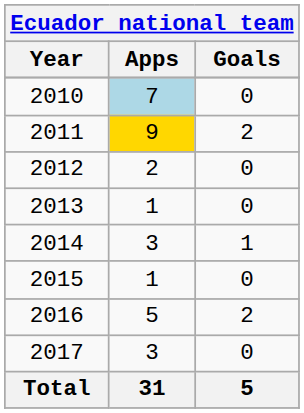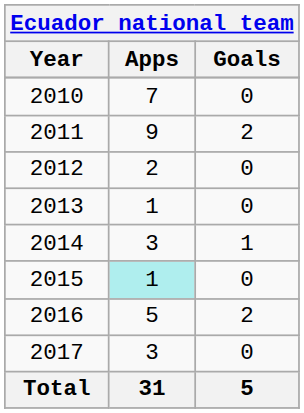 <table class="wikitable" style="text-align:center">
 <tr>
 <th colspan=3><a href='#'>Ecuador national team</a></th>
 </tr>
 <tr>
 <th>Year</th>
 <th>Apps</th>
 <th>Goals</th>
 </tr>
 <tr>
 </tr>
 <tr>
 <td>2010</td>
-<td style="background: lightblue;">7</td>
+<td>7</td>
 <td>0</td>
 </tr>
 <tr>
 <td>2011</td>
-<td style="background: gold;">9</td>
+<td>9</td>
 <td>2</td>
 </tr>
 <tr>
 <td>2012</td>
 <td>2</td>
 <td>0</td>
 </tr>
 <tr>
 <td>2013</td>
 <td>1</td>
 <td>0</td>
 </tr>
 <tr>
 <td>2014</td>
 <td>3</td>
 <td>1</td>
 </tr>
 <tr>
 <td>2015</td>
-<td>1</td>
+<td style="background: paleturquoise;">1</td>
 <td>0</td>
 </tr>
 <tr>
 <td>2016</td>
 <td>5</td>
 <td>2</td>
 </tr>
 <tr>
 <td>2017</td>
 <td>3</td>
 <td>0</td>
 </tr>
 <tr>
 <th>Total</th>
 <th>31</th>
 <th>5</th>
 </tr>
 </table>
